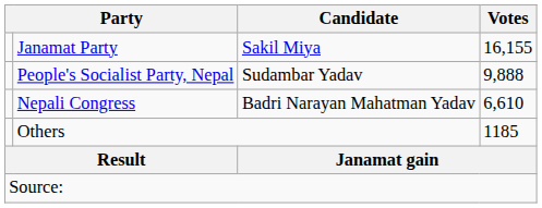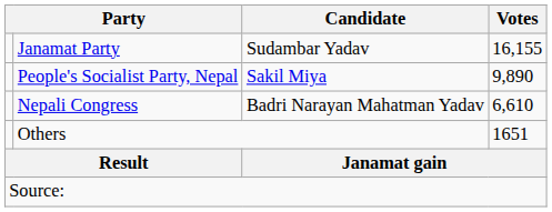 <table class="wikitable">
 <tr>
 <th colspan="2">Party</th>
 <th>Candidate</th>
 <th>Votes</th>
 </tr>
 <tr>
 <td style="background-color:"></td>
 <td><a href='#'>Janamat Party</a></td>
-<td><a href='#'>Sakil Miya</a></td>
+<td>Sudambar Yadav</td>
 <td>16,155</td>
 </tr>
 <tr>
 <td style="background-color:"></td>
 <td><a href='#'>People's Socialist Party, Nepal</a></td>
-<td>Sudambar Yadav</td>
-<td>9,888</td>
+<td><a href='#'>Sakil Miya</a></td>
+<td>9,890</td>
 </tr>
 <tr>
 <td style="background-color:"></td>
 <td><a href='#'>Nepali Congress</a></td>
 <td>Badri Narayan Mahatman Yadav</td>
 <td>6,610</td>
 </tr>
 <tr>
 <td></td>
 <td colspan="2">Others</td>
-<td>1185</td>
+<td>1651</td>
 </tr>
 <tr>
 <th colspan="2">Result</th>
 <th colspan="2">Janamat gain</th>
 </tr>
 <tr>
 <td colspan="4">Source: </td>
 </tr>
 </table>
